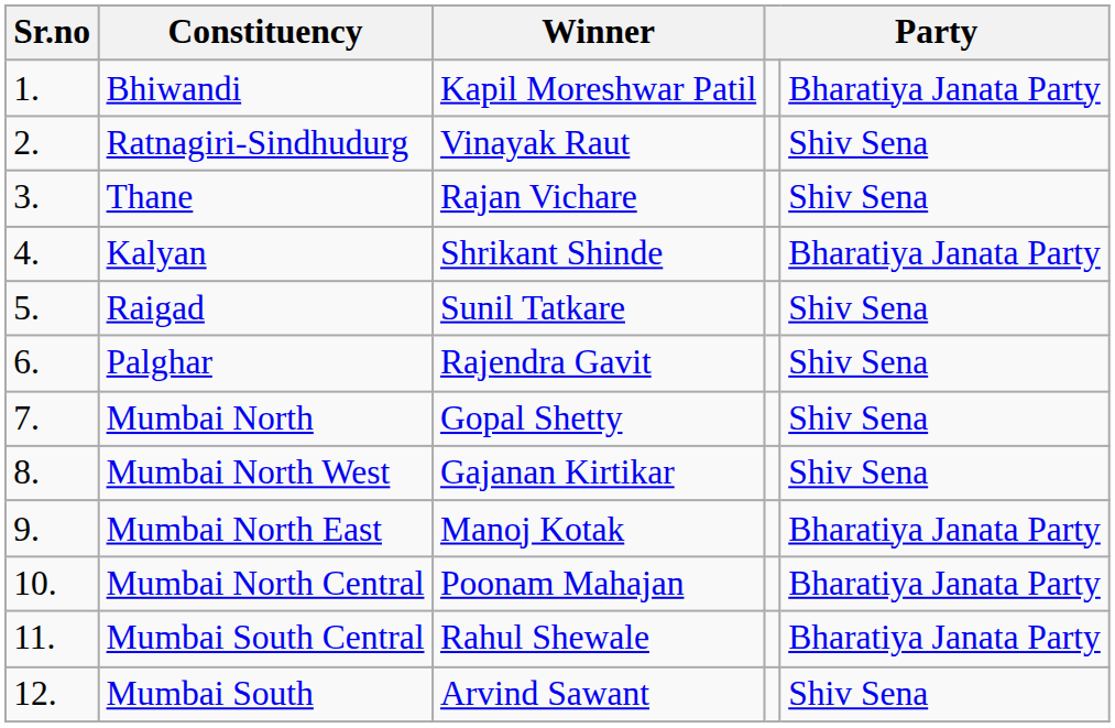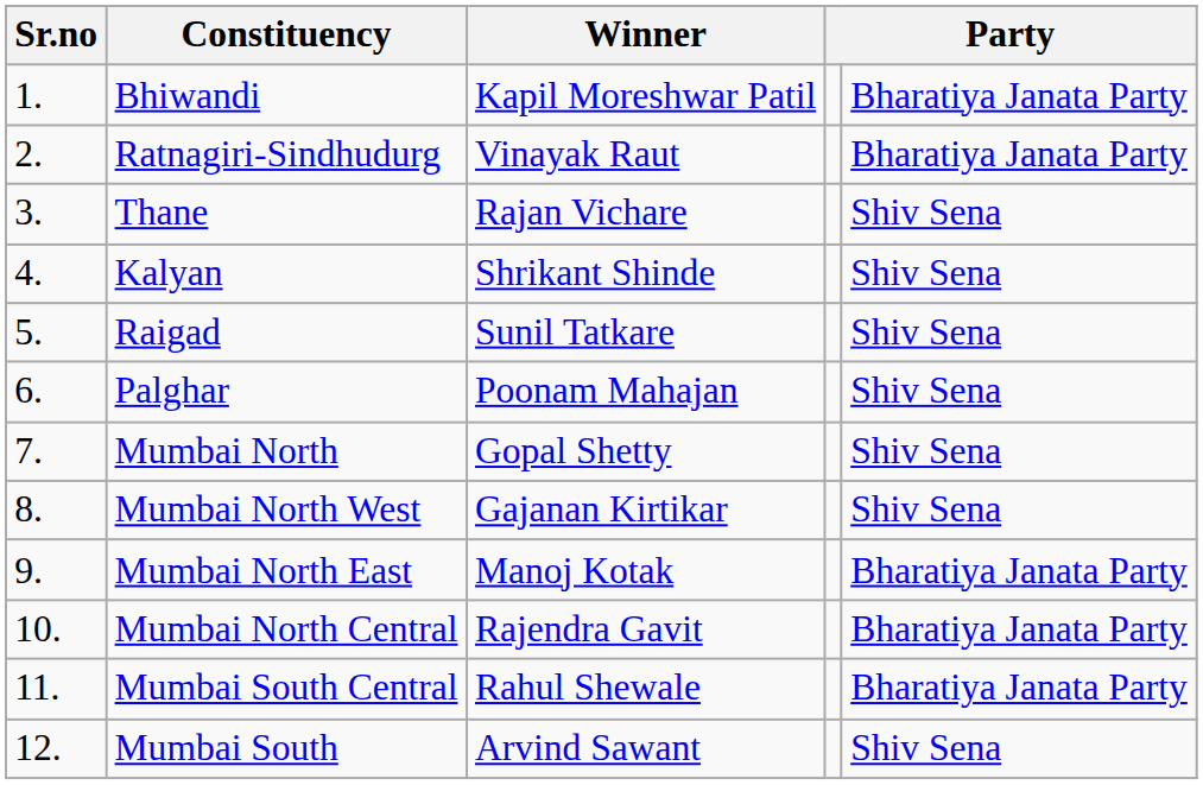 <table class="wikitable sortable">
 <tr>
 <th>Sr.no</th>
 <th>Constituency</th>
 <th>Winner</th>
 <th colspan=2>Party</th>
 </tr>
 <tr>
 <td>1.</td>
 <td><a href='#'>Bhiwandi</a></td>
 <td><a href='#'>Kapil Moreshwar Patil</a></td>
 <td style="background-color:"></td>
 <td><a href='#'>Bharatiya Janata Party</a></td>
 </tr>
 <tr>
 <td>2.</td>
 <td><a href='#'>Ratnagiri-Sindhudurg</a></td>
 <td><a href='#'>Vinayak Raut</a></td>
 <td style="background-color: "></td>
-<td><a href='#'>Shiv Sena</a></td>
+<td><a href='#'>Bharatiya Janata Party</a></td>
 </tr>
 <tr>
 <td>3.</td>
 <td><a href='#'>Thane</a></td>
 <td><a href='#'>Rajan Vichare</a></td>
 <td style="background-color: "></td>
 <td><a href='#'>Shiv Sena</a></td>
 </tr>
 <tr>
 <td>4.</td>
 <td><a href='#'>Kalyan</a></td>
 <td><a href='#'>Shrikant Shinde</a></td>
 <td style="background-color: "></td>
-<td><a href='#'>Bharatiya Janata Party</a></td>
+<td><a href='#'>Shiv Sena</a></td>
 </tr>
 <tr>
 <td>5.</td>
 <td><a href='#'>Raigad</a></td>
 <td><a href='#'>Sunil Tatkare</a></td>
 <td style="background-color: "></td>
 <td><a href='#'>Shiv Sena</a></td>
 </tr>
 <tr>
 <td>6.</td>
 <td><a href='#'>Palghar</a></td>
-<td><a href='#'>Rajendra Gavit</a></td>
+<td><a href='#'>Poonam Mahajan</a></td>
 <td style="background-color: "></td>
 <td><a href='#'>Shiv Sena</a></td>
 </tr>
 <tr>
 <td>7.</td>
 <td><a href='#'>Mumbai North</a></td>
 <td><a href='#'>Gopal Shetty</a></td>
 <td style="background-color:"></td>
 <td><a href='#'>Shiv Sena</a></td>
 </tr>
 <tr>
 <td>8.</td>
 <td><a href='#'>Mumbai North West</a></td>
 <td><a href='#'>Gajanan Kirtikar</a></td>
 <td style="background-color: "></td>
 <td><a href='#'>Shiv Sena</a></td>
 </tr>
 <tr>
 <td>9.</td>
 <td><a href='#'>Mumbai North East</a></td>
 <td><a href='#'>Manoj Kotak</a></td>
 <td style="background-color:"></td>
 <td><a href='#'>Bharatiya Janata Party</a></td>
 </tr>
 <tr>
 <td>10.</td>
 <td><a href='#'>Mumbai North Central</a></td>
-<td><a href='#'>Poonam Mahajan</a></td>
+<td><a href='#'>Rajendra Gavit</a></td>
 <td style="background-color:"></td>
 <td><a href='#'>Bharatiya Janata Party</a></td>
 </tr>
 <tr>
 <td>11.</td>
 <td><a href='#'>Mumbai South Central</a></td>
 <td><a href='#'>Rahul Shewale</a></td>
 <td style="background-color: "></td>
 <td><a href='#'>Bharatiya Janata Party</a></td>
 </tr>
 <tr>
 <td>12.</td>
 <td><a href='#'>Mumbai South</a></td>
 <td><a href='#'>Arvind Sawant</a></td>
 <td style="background-color: "></td>
 <td><a href='#'>Shiv Sena</a></td>
 </tr>
 </table>
